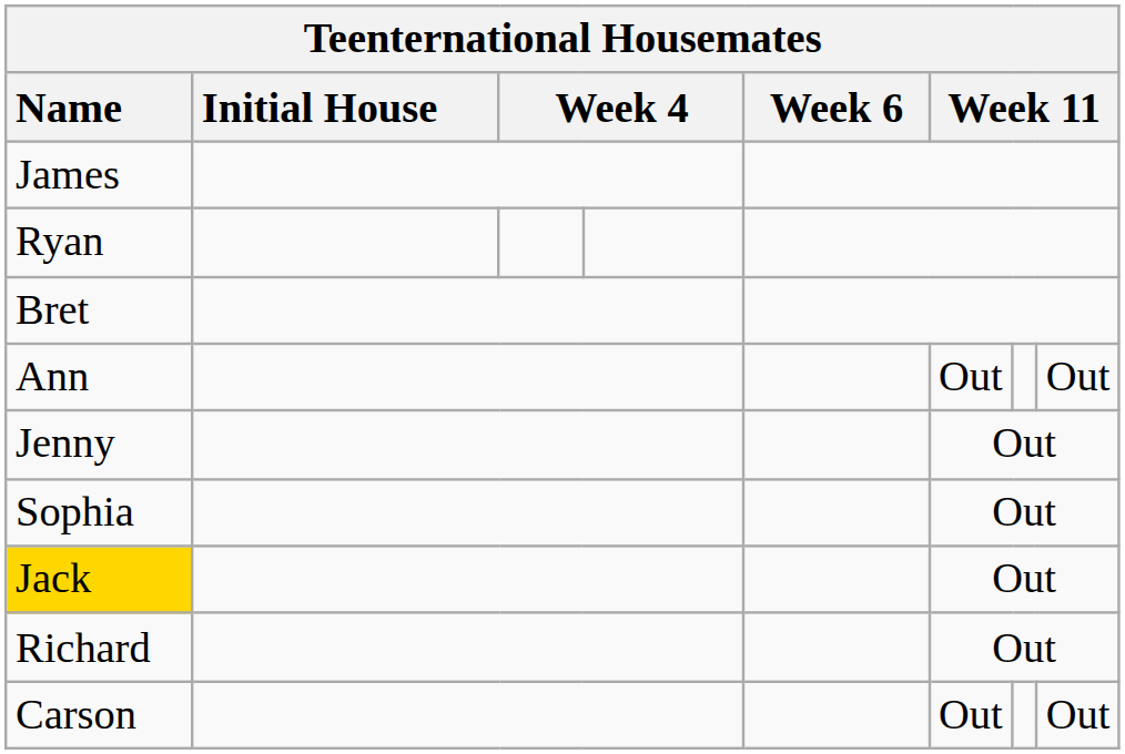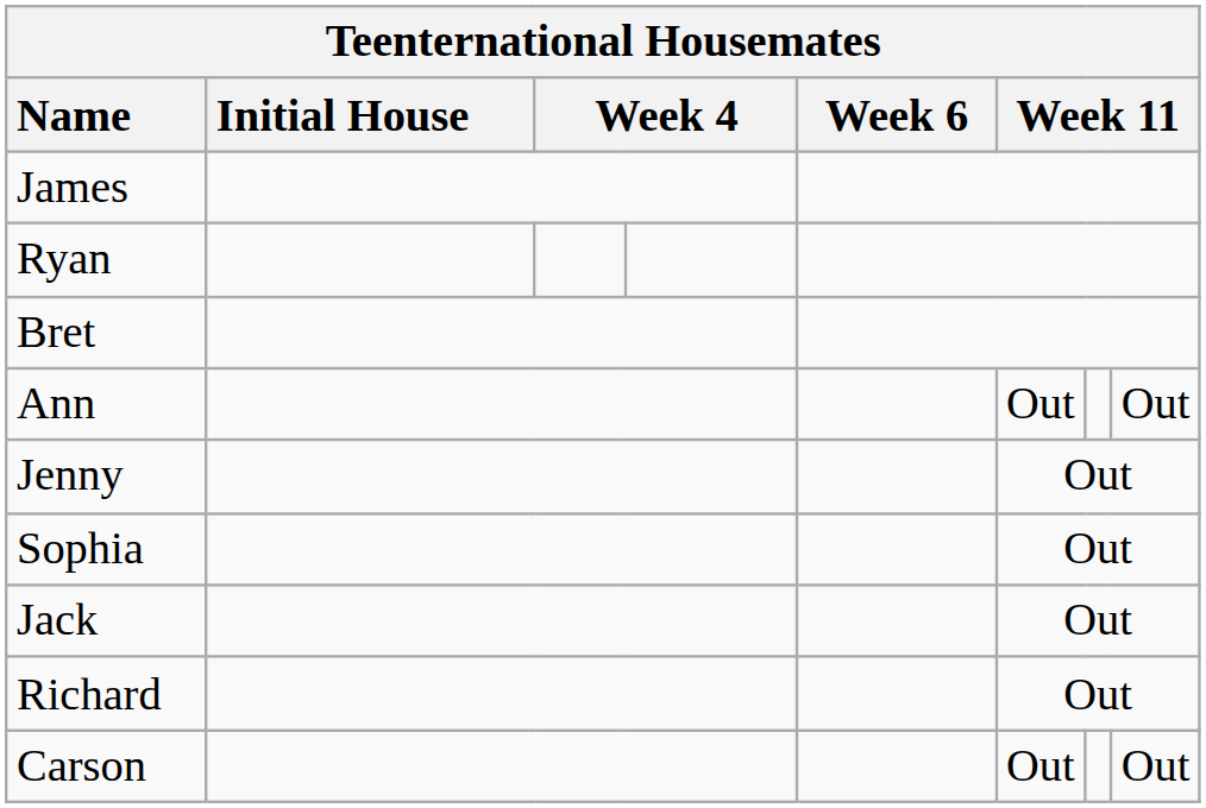 <table class="wikitable">
 <tr>
 <th colspan=10 class="unsortable">Teenternational Housemates</th>
 </tr>
 <tr>
 <th style="text-align:left">Name</th>
 <th style="text-align:left">Initial House</th>
 <th style="text-align:center" colspan=2>Week 4</th>
 <th style="text-align:center">Week 6</th>
 <th style="text-align:center" colspan=5>Week 11</th>
 </tr>
 <tr>
 <td>James</td>
 <td colspan=3 style="text-align:center;"></td>
 <td colspan=6 style="text-align:center;"></td>
 </tr>
 <tr>
 <td>Ryan</td>
 <td style="text-align:center;"></td>
 <td style="text-align:center; width:7.5%"></td>
 <td style="text-align:center;"></td>
 <td colspan=6 style="text-align:center;"></td>
 </tr>
 <tr>
 <td>Bret</td>
 <td colspan=3 style="text-align:center;"></td>
 <td colspan=6 style="text-align:center;"></td>
 </tr>
 <tr>
 <td>Ann</td>
 <td colspan=3 style="text-align:center;"></td>
 <td style="text-align:center;"></td>
 <td style="text-align:center; width:7.5%">Out</td>
 <td colspan=3 style="text-align:center;"></td>
 <td style="text-align:center; width:7.5%">Out</td>
 </tr>
 <tr>
 <td>Jenny</td>
 <td colspan=3 style="text-align:center;"></td>
 <td style="text-align:center;"></td>
 <td colspan=5 style="text-align:center;">Out</td>
 </tr>
 <tr>
 <td>Sophia</td>
 <td colspan=3 style="text-align:center;"></td>
 <td style="text-align:center;"></td>
 <td colspan=5 style="text-align:center;">Out</td>
 </tr>
 <tr>
-<td style="background: gold;">Jack</td>
+<td>Jack</td>
 <td colspan=3 style="text-align:center;"></td>
 <td style="text-align:center;"></td>
 <td colspan=5 style="text-align:center;">Out</td>
 </tr>
 <tr>
 <td>Richard</td>
 <td colspan=3 style="text-align:center;"></td>
 <td style="text-align:center;"></td>
 <td colspan=5 style="text-align:center;">Out</td>
 </tr>
 <tr>
 <td>Carson</td>
 <td colspan=3 style="text-align:center;"></td>
 <td style="text-align:center;"></td>
 <td align=center>Out</td>
 <td colspan=3 style="text-align:center;"></td>
 <td align=center>Out</td>
 </tr>
 </table>
